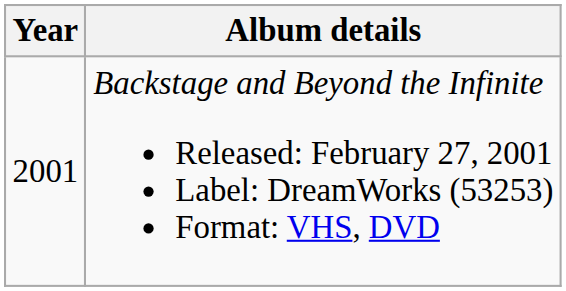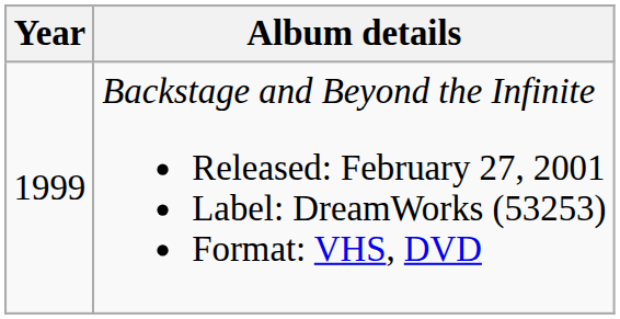 <table class="wikitable">
 <tr>
 <th>Year</th>
 <th>Album details</th>
 </tr>
 <tr>
-<td>2001</td>
+<td>1999</td>
 <td><em>Backstage and Beyond the Infinite</em><br><ul><li>Released: February 27, 2001</li><li>Label: DreamWorks (53253)</li><li>Format: <a href='#'>VHS</a>, <a href='#'>DVD</a></li></ul></td>
 </tr>
 </table>
